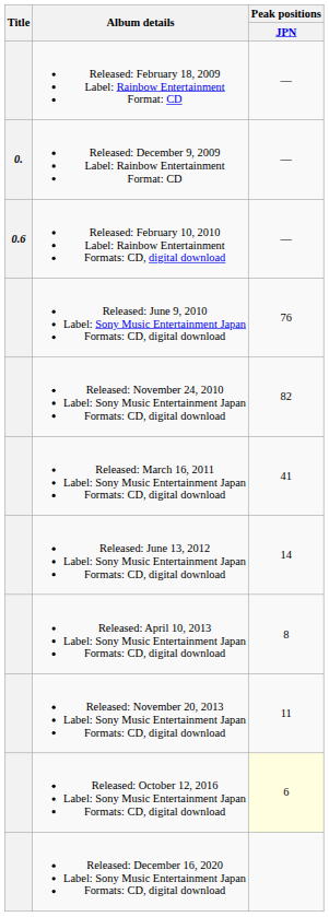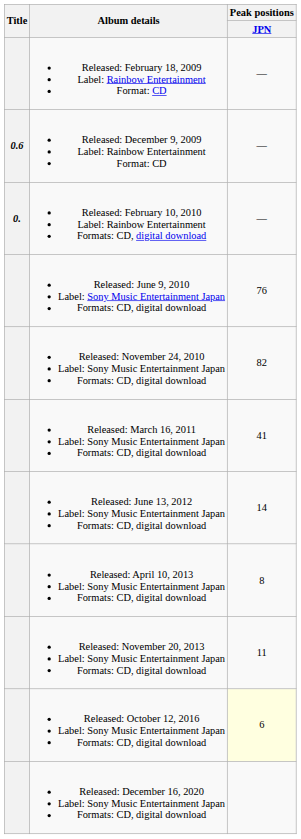 <table class="wikitable plainrowheaders" style="text-align:center;">
 <tr>
 <th scope="col" rowspan="2">Title</th>
 <th scope="col" rowspan="2">Album details</th>
 <th scope="col" colspan="1">Peak positions</th>
 </tr>
 <tr>
 <th scope="col"><a href='#'>JPN</a><br></th>
 </tr>
 <tr>
 <th scope="row"></th>
 <td><br><ul><li>Released: February 18, 2009</li><li>Label: <a href='#'>Rainbow Entertainment</a></li><li>Format: <a href='#'>CD</a></li></ul></td>
 <td align="center">—</td>
 </tr>
 <tr>
-<th scope="row"><em>0.</em><br></th>
+<th scope="row"><em>0.6</em></th>
 <td><br><ul><li>Released: December 9, 2009</li><li>Label: Rainbow Entertainment</li><li>Format: CD</li></ul></td>
 <td align="center">—</td>
 </tr>
 <tr>
-<th scope="row"><em>0.6</em></th>
+<th scope="row"><em>0.</em><br></th>
 <td><br><ul><li>Released: February 10, 2010</li><li>Label: Rainbow Entertainment</li><li>Formats: CD, <a href='#'>digital download</a></li></ul></td>
 <td align="center">—</td>
 </tr>
 <tr>
 <th scope="row"></th>
 <td><br><ul><li>Released: June 9, 2010</li><li>Label: <a href='#'>Sony Music Entertainment Japan</a></li><li>Formats: CD, digital download</li></ul></td>
 <td align="center">76</td>
 </tr>
 <tr>
 <th scope="row"></th>
 <td><br><ul><li>Released: November 24, 2010</li><li>Label: Sony Music Entertainment Japan</li><li>Formats: CD, digital download</li></ul></td>
 <td align="center">82</td>
 </tr>
 <tr>
 <th scope="row"></th>
 <td><br><ul><li>Released: March 16, 2011</li><li>Label: Sony Music Entertainment Japan</li><li>Formats: CD, digital download</li></ul></td>
 <td align="center">41</td>
 </tr>
 <tr>
 <th scope="row"></th>
 <td><br><ul><li>Released: June 13, 2012</li><li>Label: Sony Music Entertainment Japan</li><li>Formats: CD, digital download</li></ul></td>
 <td align="center">14</td>
 </tr>
 <tr>
 <th scope="row"></th>
 <td><br><ul><li>Released: April 10, 2013</li><li>Label: Sony Music Entertainment Japan</li><li>Formats: CD, digital download</li></ul></td>
 <td align="center">8</td>
 </tr>
 <tr>
 <th scope="row"></th>
 <td><br><ul><li>Released: November 20, 2013</li><li>Label: Sony Music Entertainment Japan</li><li>Formats: CD, digital download</li></ul></td>
 <td align="center">11</td>
 </tr>
 <tr>
 <th scope="row"></th>
 <td><br><ul><li>Released: October 12, 2016</li><li>Label: Sony Music Entertainment Japan</li><li>Formats: CD, digital download</li></ul></td>
 <td align="center" style="background: lightyellow;">6</td>
 </tr>
 <tr>
 <th scope="row"></th>
 <td><br><ul><li>Released: December 16, 2020</li><li>Label: Sony Music Entertainment Japan</li><li>Formats: CD, digital download</li></ul></td>
 <td align="center"></td>
 </tr>
 </table>
